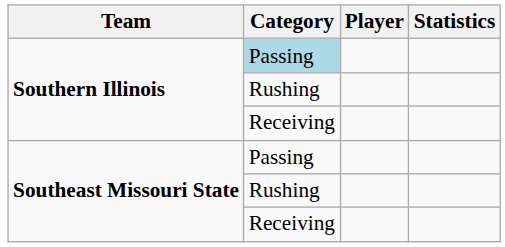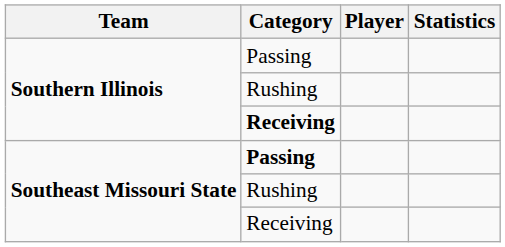 <table class="wikitable" style="float: right;">
 <tr>
 <th>Team</th>
 <th>Category</th>
 <th>Player</th>
 <th>Statistics</th>
 </tr>
 <tr>
 <td rowspan=3><strong>Southern Illinois</strong></td>
-<td style="background: lightblue;">Passing</td>
+<td>Passing</td>
 <td></td>
 <td></td>
 </tr>
 <tr>
 <td>Rushing</td>
 <td></td>
 <td></td>
 </tr>
 <tr>
-<td>Receiving</td>
+<td><strong>Receiving</strong></td>
 <td></td>
 <td></td>
 </tr>
 <tr>
 <td rowspan=3><strong>Southeast Missouri State</strong></td>
-<td>Passing</td>
+<td><strong>Passing</strong></td>
 <td></td>
 <td></td>
 </tr>
 <tr>
 <td>Rushing</td>
 <td></td>
 <td></td>
 </tr>
 <tr>
 <td>Receiving</td>
 <td></td>
 <td></td>
 </tr>
 </table>
